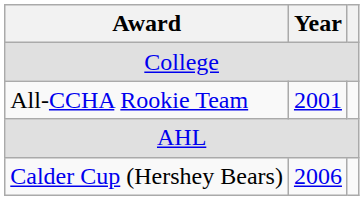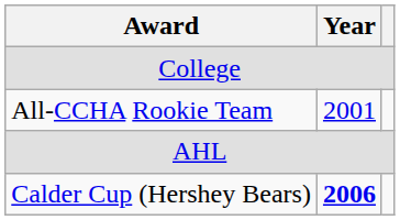 <table class="wikitable">
 <tr>
 <th>Award</th>
 <th>Year</th>
 <th></th>
 </tr>
 <tr ALIGN="center" bgcolor="#e0e0e0">
 <td colspan="3"><a href='#'>College</a></td>
 </tr>
 <tr>
 <td>All-<a href='#'>CCHA</a> <a href='#'>Rookie Team</a></td>
 <td><a href='#'>2001</a></td>
 <td></td>
 </tr>
 <tr ALIGN="center" bgcolor="#e0e0e0">
 <td colspan="3"><a href='#'>AHL</a></td>
 </tr>
 <tr>
 <td><a href='#'>Calder Cup</a> (Hershey Bears)</td>
-<td><a href='#'>2006</a></td>
+<td><strong><a href='#'>2006</a></strong></td>
 <td></td>
 </tr>
 </table>
